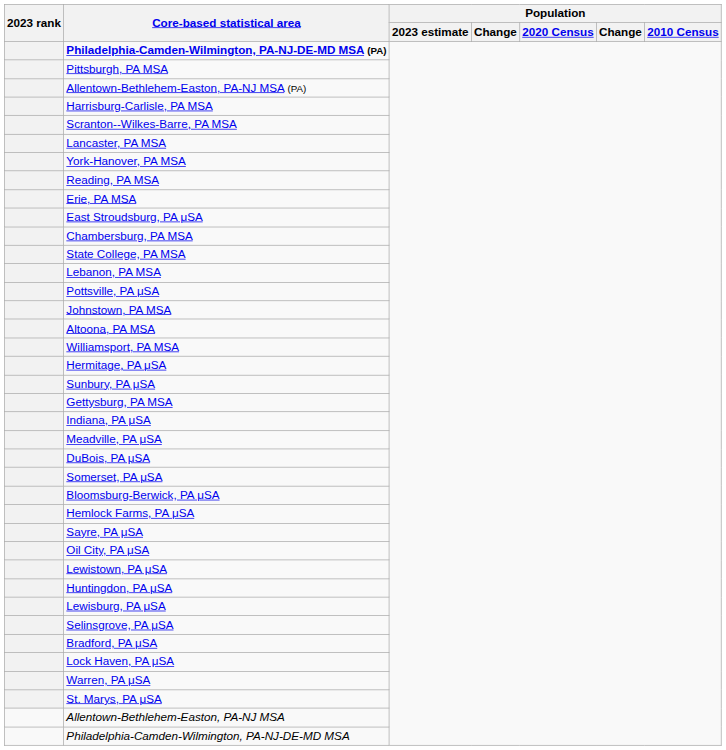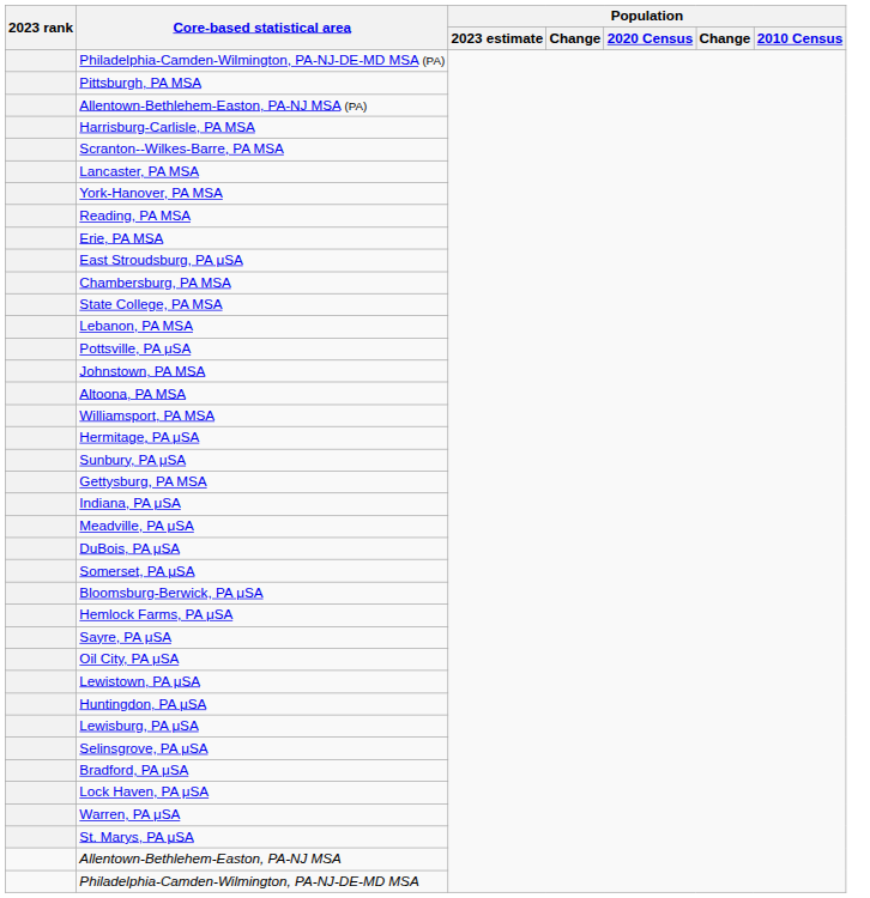 <table class="wikitable sortable">
 <tr>
 <th scope=col rowspan=2>2023 rank</th>
 <th scope=col rowspan=2><a href='#'>Core-based statistical area</a></th>
 <th colspan=5>Population</th>
 </tr>
 <tr>
 <th scope=col>2023 estimate</th>
 <th scope=col>Change</th>
 <th scope=col><a href='#'>2020 Census</a></th>
 <th scope=col>Change</th>
 <th scope=col><a href='#'>2010 Census</a></th>
 </tr>
 <tr>
 <th scope=row></th>
-<td><strong><a href='#'>Philadelphia-Camden-Wilmington, PA-NJ-DE-MD MSA</a> <small>(PA)</small><br></strong></td>
+<td><a href='#'>Philadelphia-Camden-Wilmington, PA-NJ-DE-MD MSA</a> <small>(PA)</small><br></td>
 </tr>
 <tr>
 <th scope=row></th>
 <td><a href='#'>Pittsburgh, PA MSA</a><br></td>
 </tr>
 <tr>
 <th scope=row></th>
 <td><a href='#'>Allentown-Bethlehem-Easton, PA-NJ MSA</a> <small>(PA)</small><br></td>
 </tr>
 <tr>
 <th scope=row></th>
 <td><a href='#'>Harrisburg-Carlisle, PA MSA</a><br></td>
 </tr>
 <tr>
 <th scope=row></th>
 <td><a href='#'>Scranton--Wilkes-Barre, PA MSA</a><br></td>
 </tr>
 <tr>
 <th scope=row></th>
 <td><a href='#'>Lancaster, PA MSA</a><br></td>
 </tr>
 <tr>
 <th scope=row></th>
 <td><a href='#'>York-Hanover, PA MSA</a><br></td>
 </tr>
 <tr>
 <th scope=row></th>
 <td><a href='#'>Reading, PA MSA</a><br></td>
 </tr>
 <tr>
 <th scope=row></th>
 <td><a href='#'>Erie, PA MSA</a><br></td>
 </tr>
 <tr>
 <th scope=row></th>
 <td><a href='#'>East Stroudsburg, PA μSA</a><br></td>
 </tr>
 <tr>
 <th scope=row></th>
 <td><a href='#'>Chambersburg, PA MSA</a><br></td>
 </tr>
 <tr>
 <th scope=row></th>
 <td><a href='#'>State College, PA MSA</a><br></td>
 </tr>
 <tr>
 <th scope=row></th>
 <td><a href='#'>Lebanon, PA MSA</a><br></td>
 </tr>
 <tr>
 <th scope=row></th>
 <td><a href='#'>Pottsville, PA μSA</a><br></td>
 </tr>
 <tr>
 <th scope=row></th>
 <td><a href='#'>Johnstown, PA MSA</a><br></td>
 </tr>
 <tr>
 <th scope=row></th>
 <td><a href='#'>Altoona, PA MSA</a><br></td>
 </tr>
 <tr>
 <th scope=row></th>
 <td><a href='#'>Williamsport, PA MSA</a><br></td>
 </tr>
 <tr>
 <th scope=row></th>
 <td><a href='#'>Hermitage, PA μSA</a><br></td>
 </tr>
 <tr>
 <th scope=row></th>
 <td><a href='#'>Sunbury, PA μSA</a><br></td>
 </tr>
 <tr>
 <th scope=row></th>
 <td><a href='#'>Gettysburg, PA MSA</a><br></td>
 </tr>
 <tr>
 <th scope=row></th>
 <td><a href='#'>Indiana, PA μSA</a><br></td>
 </tr>
 <tr>
 <th scope=row></th>
 <td><a href='#'>Meadville, PA μSA</a><br></td>
 </tr>
 <tr>
 <th scope=row></th>
 <td><a href='#'>DuBois, PA μSA</a><br></td>
 </tr>
 <tr>
 <th scope=row></th>
 <td><a href='#'>Somerset, PA μSA</a><br></td>
 </tr>
 <tr>
 <th scope=row></th>
 <td><a href='#'>Bloomsburg-Berwick, PA μSA</a><br></td>
 </tr>
 <tr>
 <th scope=row></th>
 <td><a href='#'>Hemlock Farms, PA μSA</a><br></td>
 </tr>
 <tr>
 <th scope=row></th>
 <td><a href='#'>Sayre, PA μSA</a><br></td>
 </tr>
 <tr>
 <th scope=row></th>
 <td><a href='#'>Oil City, PA μSA</a><br></td>
 </tr>
 <tr>
 <th scope=row></th>
 <td><a href='#'>Lewistown, PA μSA</a><br></td>
 </tr>
 <tr>
 <th scope=row></th>
 <td><a href='#'>Huntingdon, PA μSA</a><br></td>
 </tr>
 <tr>
 <th scope=row></th>
 <td><a href='#'>Lewisburg, PA μSA</a><br></td>
 </tr>
 <tr>
 <th scope=row></th>
 <td><a href='#'>Selinsgrove, PA μSA</a><br></td>
 </tr>
 <tr>
 <th scope=row></th>
 <td><a href='#'>Bradford, PA μSA</a><br></td>
 </tr>
 <tr>
 <th scope=row></th>
 <td><a href='#'>Lock Haven, PA μSA</a><br></td>
 </tr>
 <tr>
 <th scope=row></th>
 <td><a href='#'>Warren, PA μSA</a><br></td>
 </tr>
 <tr>
 <th scope=row></th>
 <td><a href='#'>St. Marys, PA μSA</a><br></td>
 </tr>
 <tr>
 <td></td>
 <td><em><span>Allentown-Bethlehem-Easton, PA-NJ MSA</span></em><br></td>
 </tr>
 <tr>
 <td></td>
 <td><em><span>Philadelphia-Camden-Wilmington, PA-NJ-DE-MD MSA</span></em><br></td>
 </tr>
 </table>
